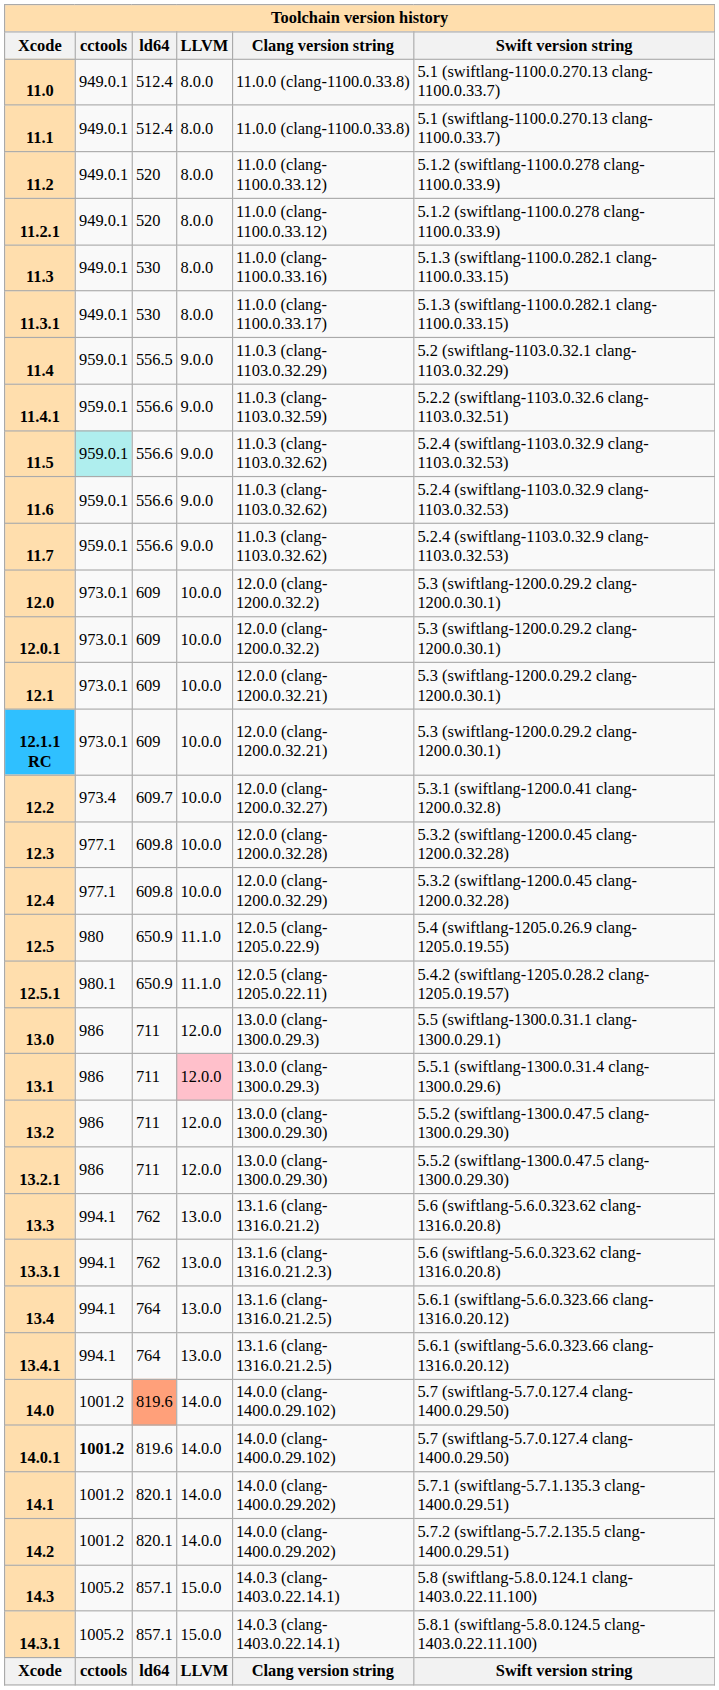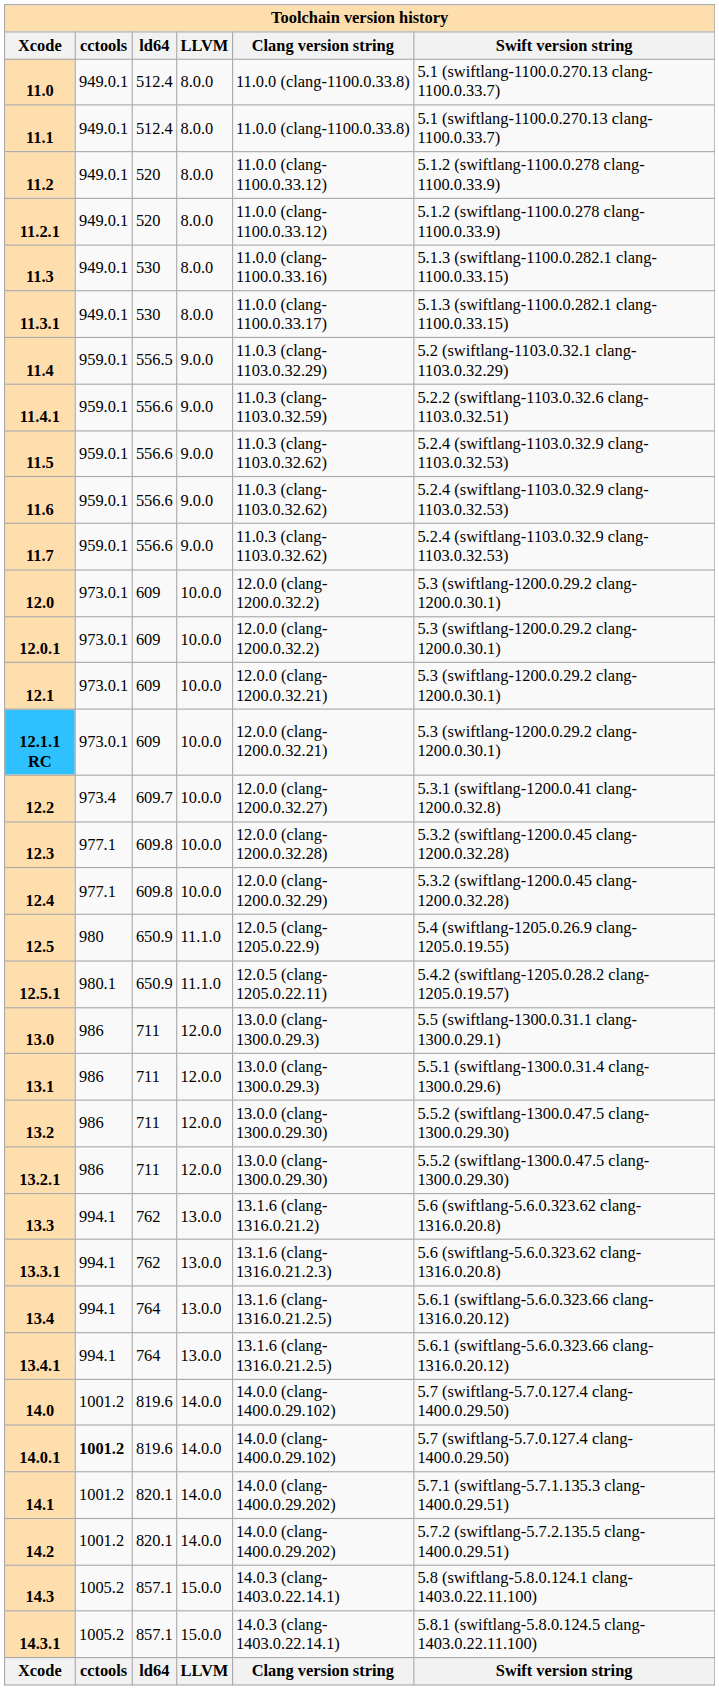 <table class="wikitable collapsible collapsed" style="width:100%; font-size:90%;">
 <tr>
 <th style="background: #ffdead; text-align:center;" colspan="9">Toolchain version history</th>
 </tr>
 <tr>
 <th>Xcode</th>
 <th>cctools</th>
 <th>ld64</th>
 <th>LLVM</th>
 <th>Clang version string</th>
 <th>Swift version string</th>
 </tr>
 <tr>
 <th style="background:#ffdead;"><br><strong>11.0</strong></th>
 <td>949.0.1</td>
 <td>512.4</td>
 <td>8.0.0</td>
 <td>11.0.0 (clang-1100.0.33.8)</td>
 <td>5.1 (swiftlang-1100.0.270.13 clang-1100.0.33.7)</td>
 </tr>
 <tr>
 <th style="background:#ffdead;"><br><strong>11.1</strong></th>
 <td>949.0.1</td>
 <td>512.4</td>
 <td>8.0.0</td>
 <td>11.0.0 (clang-1100.0.33.8)</td>
 <td>5.1 (swiftlang-1100.0.270.13 clang-1100.0.33.7)</td>
 </tr>
 <tr>
 <th style="background:#ffdead;"><br><strong>11.2</strong></th>
 <td>949.0.1</td>
 <td>520</td>
 <td>8.0.0</td>
 <td>11.0.0 (clang-1100.0.33.12)</td>
 <td>5.1.2 (swiftlang-1100.0.278 clang-1100.0.33.9)</td>
 </tr>
 <tr>
 <th style="background:#ffdead;"><br><strong>11.2.1</strong></th>
 <td>949.0.1</td>
 <td>520</td>
 <td>8.0.0</td>
 <td>11.0.0 (clang-1100.0.33.12)</td>
 <td>5.1.2 (swiftlang-1100.0.278 clang-1100.0.33.9)</td>
 </tr>
 <tr>
 <th style="background:#ffdead;"><br><strong>11.3</strong></th>
 <td>949.0.1</td>
 <td>530</td>
 <td>8.0.0</td>
 <td>11.0.0 (clang-1100.0.33.16)</td>
 <td>5.1.3 (swiftlang-1100.0.282.1 clang-1100.0.33.15)</td>
 </tr>
 <tr>
 <th style="background:#ffdead;"><br><strong>11.3.1</strong></th>
 <td>949.0.1</td>
 <td>530</td>
 <td>8.0.0</td>
 <td>11.0.0 (clang-1100.0.33.17)</td>
 <td>5.1.3 (swiftlang-1100.0.282.1 clang-1100.0.33.15)</td>
 </tr>
 <tr>
 <th style="background:#ffdead;"><br><strong>11.4</strong></th>
 <td>959.0.1</td>
 <td>556.5</td>
 <td>9.0.0</td>
 <td>11.0.3 (clang-1103.0.32.29)</td>
 <td>5.2 (swiftlang-1103.0.32.1 clang-1103.0.32.29)</td>
 </tr>
 <tr>
 <th style="background:#ffdead;"><br><strong>11.4.1</strong></th>
 <td>959.0.1</td>
 <td>556.6</td>
 <td>9.0.0</td>
 <td>11.0.3 (clang-1103.0.32.59)</td>
 <td>5.2.2 (swiftlang-1103.0.32.6 clang-1103.0.32.51)</td>
 </tr>
 <tr>
 <th style="background:#ffdead;"><br><strong>11.5</strong></th>
-<td style="background: paleturquoise;">959.0.1</td>
+<td>959.0.1</td>
 <td>556.6</td>
 <td>9.0.0</td>
 <td>11.0.3 (clang-1103.0.32.62)</td>
 <td>5.2.4 (swiftlang-1103.0.32.9 clang-1103.0.32.53)</td>
 </tr>
 <tr>
 <th style="background:#ffdead;"><br><strong>11.6</strong></th>
 <td>959.0.1</td>
 <td>556.6</td>
 <td>9.0.0</td>
 <td>11.0.3 (clang-1103.0.32.62)</td>
 <td>5.2.4 (swiftlang-1103.0.32.9 clang-1103.0.32.53)</td>
 </tr>
 <tr>
 <th style="background:#ffdead;"><br><strong>11.7</strong></th>
 <td>959.0.1</td>
 <td>556.6</td>
 <td>9.0.0</td>
 <td>11.0.3 (clang-1103.0.32.62)</td>
 <td>5.2.4 (swiftlang-1103.0.32.9 clang-1103.0.32.53)</td>
 </tr>
 <tr>
 <th style="background:#ffdead;"><br><strong>12.0</strong></th>
 <td>973.0.1</td>
 <td>609</td>
 <td>10.0.0</td>
 <td>12.0.0 (clang-1200.0.32.2)</td>
 <td>5.3 (swiftlang-1200.0.29.2 clang-1200.0.30.1)</td>
 </tr>
 <tr>
 <th style="background:#ffdead;"><br><strong>12.0.1</strong></th>
 <td>973.0.1</td>
 <td>609</td>
 <td>10.0.0</td>
 <td>12.0.0 (clang-1200.0.32.2)</td>
 <td>5.3 (swiftlang-1200.0.29.2 clang-1200.0.30.1)</td>
 </tr>
 <tr>
 <th style="background:#ffdead;"><br><strong>12.1</strong></th>
 <td>973.0.1</td>
 <td>609</td>
 <td>10.0.0</td>
 <td>12.0.0 (clang-1200.0.32.21)</td>
 <td>5.3 (swiftlang-1200.0.29.2 clang-1200.0.30.1)</td>
 </tr>
 <tr>
 <th style="background:#2fc0ff;"><br><strong>12.1.1 RC</strong></th>
 <td>973.0.1</td>
 <td>609</td>
 <td>10.0.0</td>
 <td>12.0.0 (clang-1200.0.32.21)</td>
 <td>5.3 (swiftlang-1200.0.29.2 clang-1200.0.30.1)</td>
 </tr>
 <tr>
 <th style="background:#ffdead;"><br><strong>12.2</strong></th>
 <td>973.4</td>
 <td>609.7</td>
 <td>10.0.0</td>
 <td>12.0.0 (clang-1200.0.32.27)</td>
 <td>5.3.1 (swiftlang-1200.0.41 clang-1200.0.32.8)</td>
 </tr>
 <tr>
 <th style="background:#ffdead;"><br><strong>12.3</strong></th>
 <td>977.1</td>
 <td>609.8</td>
 <td>10.0.0</td>
 <td>12.0.0 (clang-1200.0.32.28)</td>
 <td>5.3.2 (swiftlang-1200.0.45 clang-1200.0.32.28)</td>
 </tr>
 <tr>
 <th style="background:#ffdead;"><br><strong>12.4</strong></th>
 <td>977.1</td>
 <td>609.8</td>
 <td>10.0.0</td>
 <td>12.0.0 (clang-1200.0.32.29)</td>
 <td>5.3.2 (swiftlang-1200.0.45 clang-1200.0.32.28)</td>
 </tr>
 <tr>
 <th style="background:#ffdead;"><br><strong>12.5</strong></th>
 <td>980</td>
 <td>650.9</td>
 <td>11.1.0</td>
 <td>12.0.5 (clang-1205.0.22.9)</td>
 <td>5.4 (swiftlang-1205.0.26.9 clang-1205.0.19.55)</td>
 </tr>
 <tr>
 <th style="background:#ffdead;"><br><strong>12.5.1</strong></th>
 <td>980.1</td>
 <td>650.9</td>
 <td>11.1.0</td>
 <td>12.0.5 (clang-1205.0.22.11)</td>
 <td>5.4.2 (swiftlang-1205.0.28.2 clang-1205.0.19.57)</td>
 </tr>
 <tr>
 <th style="background:#ffdead;"><br><strong>13.0</strong></th>
 <td>986</td>
 <td>711</td>
 <td>12.0.0</td>
 <td>13.0.0 (clang-1300.0.29.3)</td>
 <td>5.5 (swiftlang-1300.0.31.1 clang-1300.0.29.1)</td>
 </tr>
 <tr>
 <th style="background:#ffdead;"><br><strong>13.1</strong></th>
 <td>986</td>
 <td>711</td>
-<td style="background: pink;">12.0.0</td>
+<td>12.0.0</td>
 <td>13.0.0 (clang-1300.0.29.3)</td>
 <td>5.5.1 (swiftlang-1300.0.31.4 clang-1300.0.29.6)</td>
 </tr>
 <tr>
 <th style="background:#ffdead;"><br><strong>13.2</strong></th>
 <td>986</td>
 <td>711</td>
 <td>12.0.0</td>
 <td>13.0.0 (clang-1300.0.29.30)</td>
 <td>5.5.2 (swiftlang-1300.0.47.5 clang-1300.0.29.30)</td>
 </tr>
 <tr>
 <th style="background:#ffdead;"><br><strong>13.2.1</strong></th>
 <td>986</td>
 <td>711</td>
 <td>12.0.0</td>
 <td>13.0.0 (clang-1300.0.29.30)</td>
 <td>5.5.2 (swiftlang-1300.0.47.5 clang-1300.0.29.30)</td>
 </tr>
 <tr>
 <th style="background:#ffdead;"><br><strong>13.3</strong></th>
 <td>994.1</td>
 <td>762</td>
 <td>13.0.0</td>
 <td>13.1.6 (clang-1316.0.21.2)</td>
 <td>5.6 (swiftlang-5.6.0.323.62 clang-1316.0.20.8)</td>
 </tr>
 <tr>
 <th style="background:#ffdead;"><br><strong>13.3.1</strong></th>
 <td>994.1</td>
 <td>762</td>
 <td>13.0.0</td>
 <td>13.1.6 (clang-1316.0.21.2.3)</td>
 <td>5.6 (swiftlang-5.6.0.323.62 clang-1316.0.20.8)</td>
 </tr>
 <tr>
 <th style="background:#ffdead;"><br><strong>13.4</strong></th>
 <td>994.1</td>
 <td>764</td>
 <td>13.0.0</td>
 <td>13.1.6 (clang-1316.0.21.2.5)</td>
 <td>5.6.1 (swiftlang-5.6.0.323.66 clang-1316.0.20.12)</td>
 </tr>
 <tr>
 <th style="background:#ffdead;"><br><strong>13.4.1</strong></th>
 <td>994.1</td>
 <td>764</td>
 <td>13.0.0</td>
 <td>13.1.6 (clang-1316.0.21.2.5)</td>
 <td>5.6.1 (swiftlang-5.6.0.323.66 clang-1316.0.20.12)</td>
 </tr>
 <tr>
 <th style="background:#ffdead;"><br><strong>14.0</strong></th>
 <td>1001.2</td>
-<td style="background: lightsalmon;">819.6</td>
+<td>819.6</td>
 <td>14.0.0</td>
 <td>14.0.0 (clang-1400.0.29.102)</td>
 <td>5.7 (swiftlang-5.7.0.127.4 clang-1400.0.29.50)</td>
 </tr>
 <tr>
 <th style="background:#ffdead;"><br><strong>14.0.1</strong></th>
 <td><strong>1001.2</strong></td>
 <td>819.6</td>
 <td>14.0.0</td>
 <td>14.0.0 (clang-1400.0.29.102)</td>
 <td>5.7 (swiftlang-5.7.0.127.4 clang-1400.0.29.50)</td>
 </tr>
 <tr>
 <th style="background:#ffdead;"><br><strong>14.1</strong></th>
 <td>1001.2</td>
 <td>820.1</td>
 <td>14.0.0</td>
 <td>14.0.0 (clang-1400.0.29.202)</td>
 <td>5.7.1 (swiftlang-5.7.1.135.3 clang-1400.0.29.51)</td>
 </tr>
 <tr>
 <th style="background:#ffdead;"><br><strong>14.2</strong></th>
 <td>1001.2</td>
 <td>820.1</td>
 <td>14.0.0</td>
 <td>14.0.0 (clang-1400.0.29.202)</td>
 <td>5.7.2 (swiftlang-5.7.2.135.5 clang-1400.0.29.51)</td>
 </tr>
 <tr>
 <th style="background:#ffdead;"><br><strong>14.3</strong></th>
 <td>1005.2</td>
 <td>857.1</td>
 <td>15.0.0</td>
 <td>14.0.3 (clang-1403.0.22.14.1)</td>
 <td>5.8 (swiftlang-5.8.0.124.1 clang-1403.0.22.11.100)</td>
 </tr>
 <tr>
 <th style="background:#ffdead;"><br><strong>14.3.1</strong></th>
 <td>1005.2</td>
 <td>857.1</td>
 <td>15.0.0</td>
 <td>14.0.3 (clang-1403.0.22.14.1)</td>
 <td>5.8.1 (swiftlang-5.8.0.124.5 clang-1403.0.22.11.100)</td>
 </tr>
 <tr>
 <th>Xcode</th>
 <th>cctools</th>
 <th>ld64</th>
 <th>LLVM</th>
 <th>Clang version string</th>
 <th>Swift version string</th>
 </tr>
 </table>
